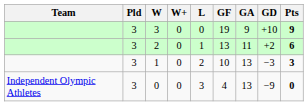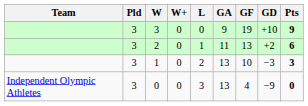 <table class="wikitable" style="text-align: center; font-size:90% ">
 <tr>
 <th width=160>Team</th>
 <th width=25>Pld</th>
 <th width=25>W</th>
 <th width=25>W+</th>
 <th width=25>L</th>
+<th width=25>GA</th>
 <th width=25>GF</th>
-<th width=25>GA</th>
 <th width=25>GD</th>
 <th width=25>Pts</th>
 </tr>
 <tr bgcolor=ccffcc>
 <td align=left></td>
 <td>3</td>
 <td>3</td>
 <td>0</td>
 <td>0</td>
+<td>9</td>
 <td>19</td>
-<td>9</td>
 <td>+10</td>
 <td><strong>9</strong></td>
 </tr>
 <tr bgcolor=ccffcc>
 <td align=left></td>
 <td>3</td>
 <td>2</td>
 <td>0</td>
 <td>1</td>
+<td>11</td>
 <td>13</td>
-<td>11</td>
 <td>+2</td>
 <td><strong>6</strong></td>
 </tr>
 <tr>
 <td align=left></td>
 <td>3</td>
 <td>1</td>
 <td>0</td>
 <td>2</td>
+<td>13</td>
 <td>10</td>
-<td>13</td>
 <td>−3</td>
 <td><strong>3</strong></td>
 </tr>
 <tr>
 <td align=left> <a href='#'>Independent Olympic Athletes</a></td>
 <td>3</td>
 <td>0</td>
 <td>0</td>
 <td>3</td>
+<td>13</td>
 <td>4</td>
-<td>13</td>
 <td>−9</td>
 <td><strong>0</strong></td>
 </tr>
 </table>
